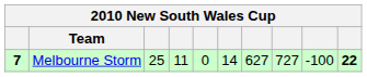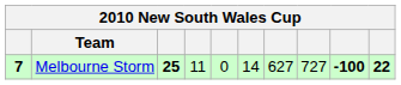 <table class="wikitable" style="text-align:center;">
 <tr>
 <th colspan="11">2010 New South Wales Cup</th>
 </tr>
 <tr>
 <th width="20"></th>
 <th>Team</th>
 <th width="20"></th>
 <th width="20"></th>
 <th width="20"></th>
 <th width="20"></th>
 <th width="25"></th>
 <th width="25"></th>
 <th width="30"></th>
 <th width="20"></th>
 </tr>
 <tr style="background:#ccffcc;">
 <td><strong>7</strong></td>
 <td style="text-align:left;"> <a href='#'>Melbourne Storm</a></td>
-<td>25</td>
+<td><strong>25</strong></td>
 <td>11</td>
 <td>0</td>
 <td>14</td>
 <td>627</td>
 <td>727</td>
-<td>-100</td>
+<td><strong>-100</strong></td>
 <td><strong>22</strong></td>
 </tr>
 </table>
